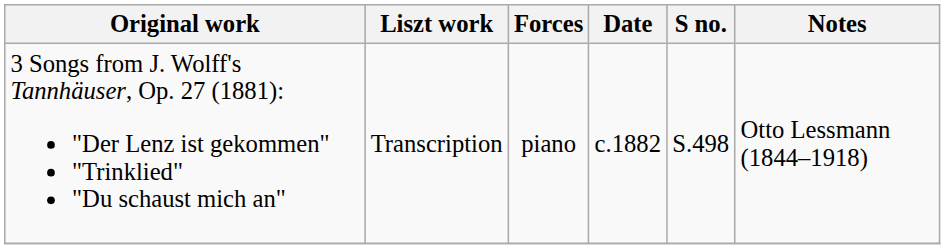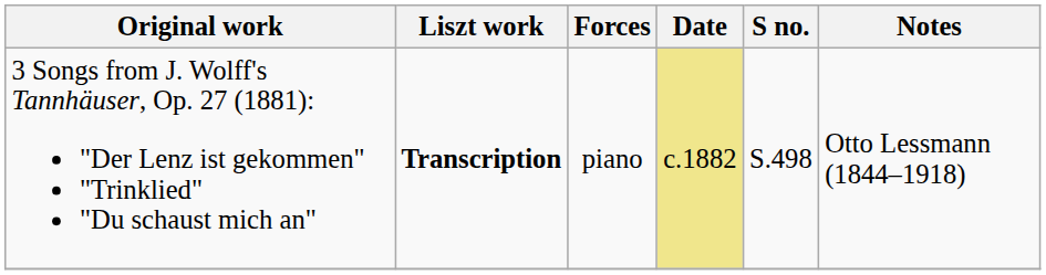 <table class="wikitable">
 <tr>
 <th>Original work</th>
 <th>Liszt work</th>
 <th>Forces</th>
 <th>Date</th>
 <th>S no.</th>
 <th>Notes</th>
 </tr>
 <tr>
 <td>3 Songs from J. Wolff's <em>Tannhäuser</em>, Op. 27 (1881):<br><ul><li>"Der Lenz ist gekommen"</li><li>"Trinklied"</li><li>"Du schaust mich an"</li></ul></td>
-<td>Transcription</td>
+<td><strong>Transcription</strong></td>
 <td style="text-align: center">piano</td>
-<td>c.1882</td>
+<td style="background: khaki;">c.1882</td>
 <td>S.498</td>
 <td>Otto Lessmann (1844–1918)</td>
 </tr>
 <tr>
 </tr>
 </table>
